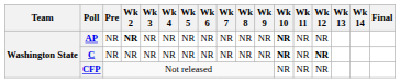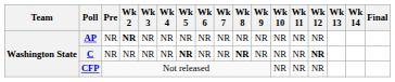 <table class="wikitable" style="white-space:nowrap;font-size:85%;">
 <tr>
 <th>Team</th>
 <th>Poll</th>
 <th>Pre</th>
 <th>Wk<br>2</th>
 <th>Wk<br>3</th>
 <th>Wk<br>4</th>
 <th>Wk<br>5</th>
 <th>Wk<br>6</th>
 <th>Wk<br>7</th>
 <th>Wk<br>8</th>
 <th>Wk<br>9</th>
 <th>Wk<br>10</th>
 <th>Wk<br>11</th>
 <th>Wk<br>12</th>
 <th>Wk<br>13</th>
 <th>Wk<br>14</th>
 <th>Final</th>
 </tr>
 <tr style="text-align:center;">
 <th rowspan="3">Washington State</th>
 <th><a href='#'>AP</a></th>
 <td style="background:#FFF;">NR</td>
 <td style="background:#FFF;"><strong>NR</strong></td>
 <td style="background:#FFF;">NR</td>
 <td style="background:#FFF;">NR</td>
 <td style="background:#FFF;">NR</td>
 <td style="background:#FFF;">NR</td>
 <td style="background:#FFF;">NR</td>
 <td style="background:#FFF;">NR</td>
 <td style="background:#FFF;">NR</td>
-<td style="background:#FFF;"><strong>NR</strong></td>
+<td style="background:#FFF;">NR</td>
 <td style="background:#FFF;">NR</td>
 <td style="background:#FFF;">NR</td>
 <td style="background:#FFF;"></td>
 <td style="background:#FFF;"></td>
 <td style="background:#FFF;"></td>
 </tr>
 <tr style="text-align:center;">
 <th><a href='#'>C</a></th>
 <td style="background:#FFF;">NR</td>
 <td style="background:#FFF;">NR</td>
 <td style="background:#FFF;">NR</td>
 <td style="background:#FFF;">NR</td>
-<td style="background:#FFF;">NR</td>
-<td style="background:#FFF;">NR</td>
-<td style="background:#FFF;">NR</td>
+<td style="background:#FFF;"><strong>NR</strong></td>
 <td style="background:#FFF;">NR</td>
 <td style="background:#FFF;">NR</td>
 <td style="background:#FFF;"><strong>NR</strong></td>
+<td style="background:#FFF;">NR</td>
+<td style="background:#FFF;">NR</td>
 <td style="background:#FFF;">NR</td>
 <td style="background:#FFF;"><strong>NR</strong></td>
 <td style="background:#FFF;"></td>
 <td style="background:#FFF;"></td>
 <td style="background:#FFF;"></td>
 </tr>
 <tr style="text-align:center;">
 <th><a href='#'>CFP</a></th>
 <td colspan="9" style="text-align:center;">Not released</td>
 <td style="background:#FFF;">NR</td>
 <td style="background:#FFF;">NR</td>
 <td style="background:#FFF;">NR</td>
 <td style="background:#FFF;"></td>
 <td style="background:#FFF;"></td>
 <td style="background:#FFF;"></td>
 </tr>
 </table>
